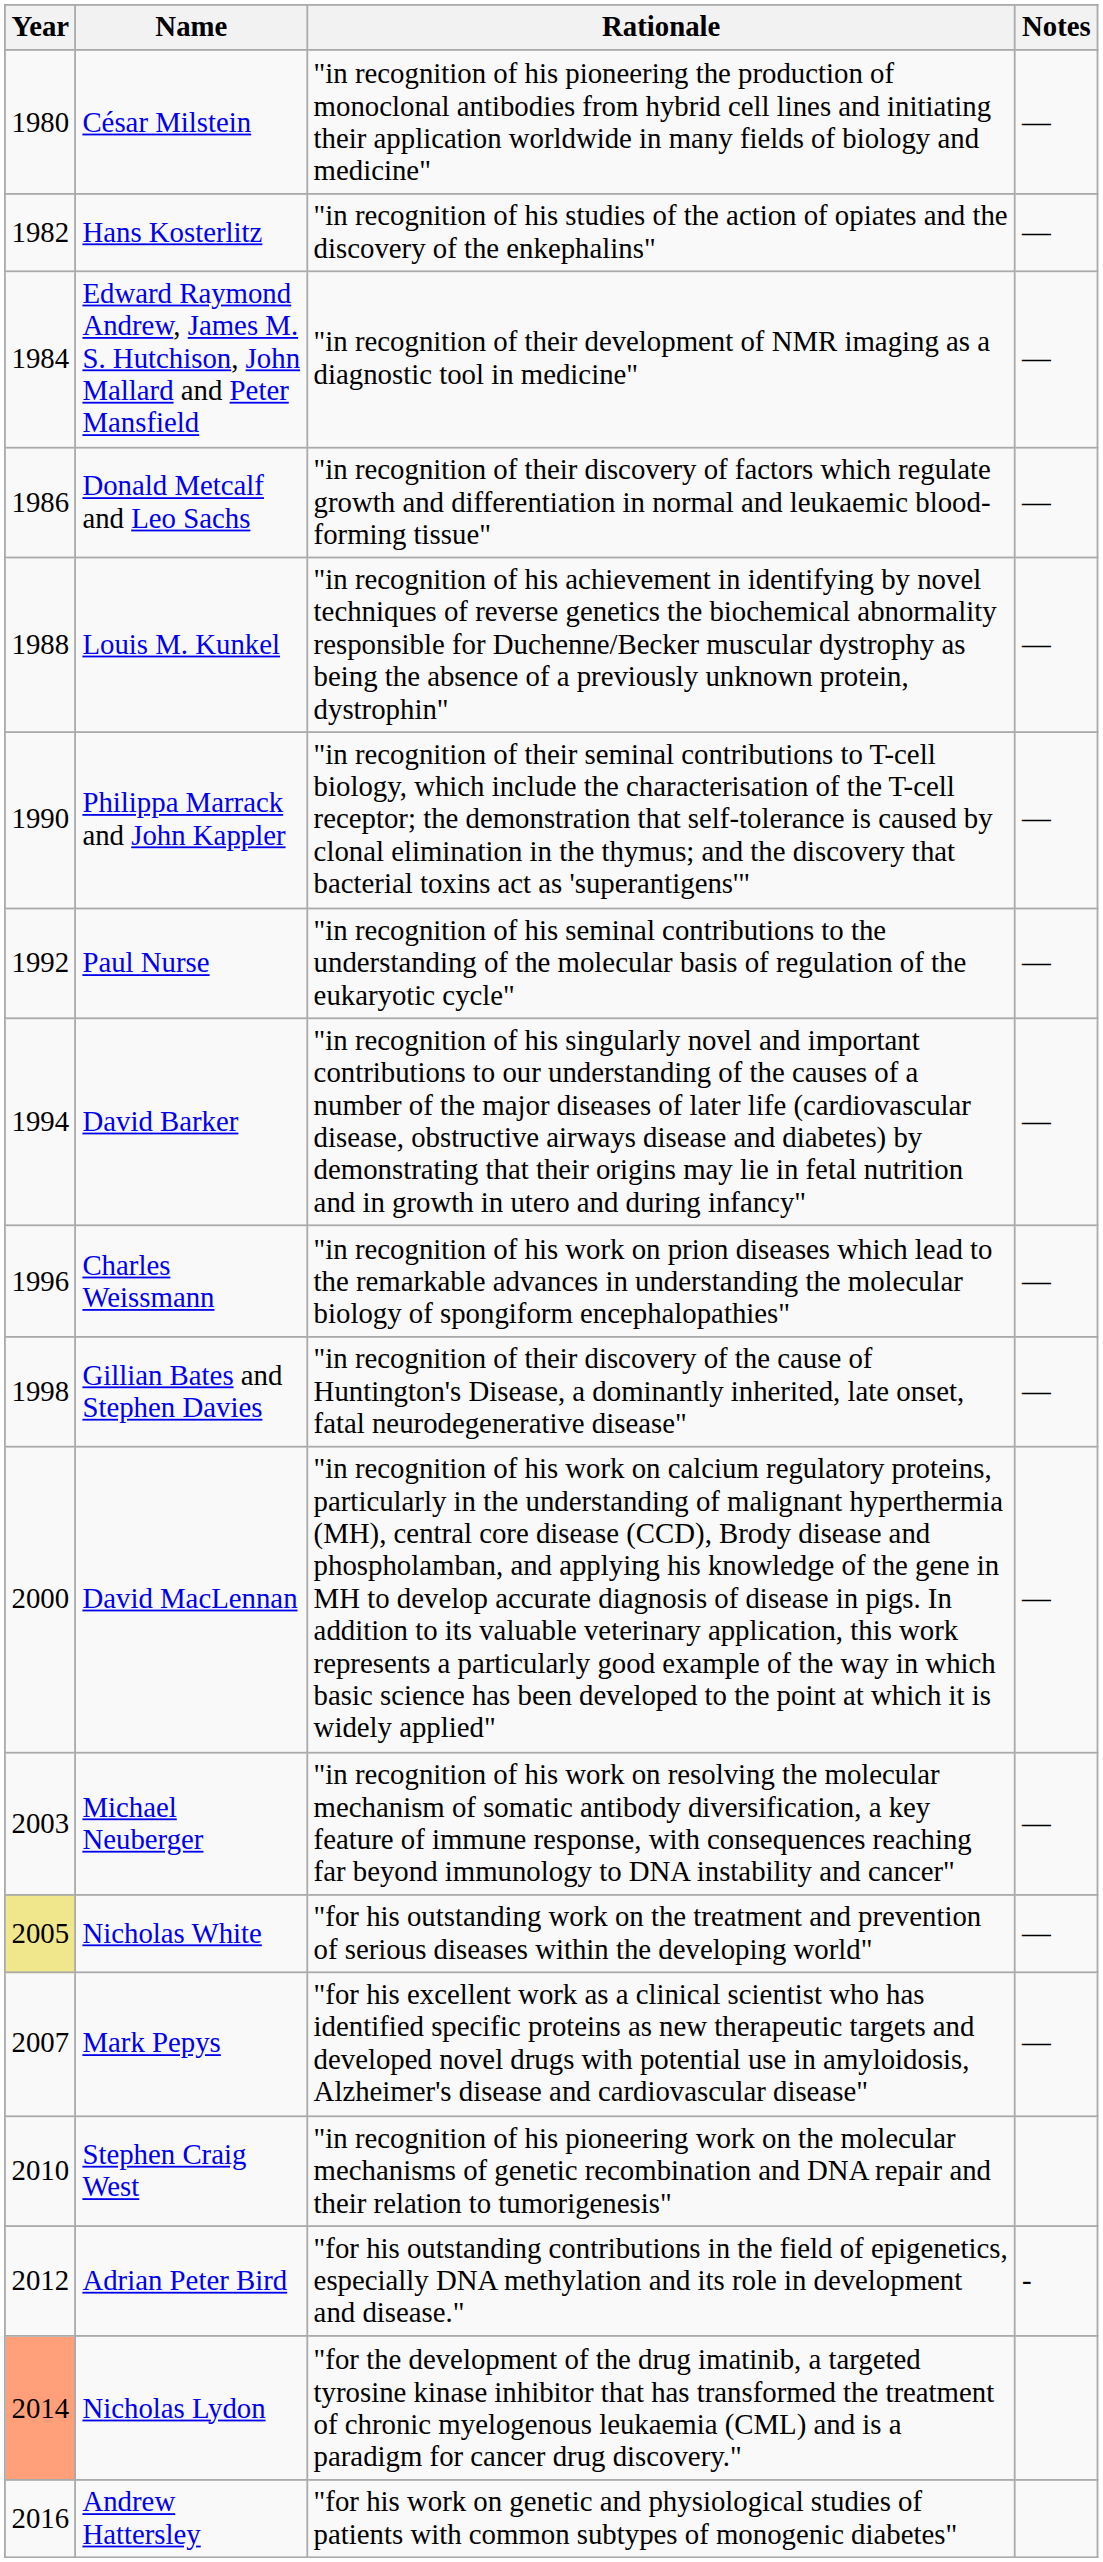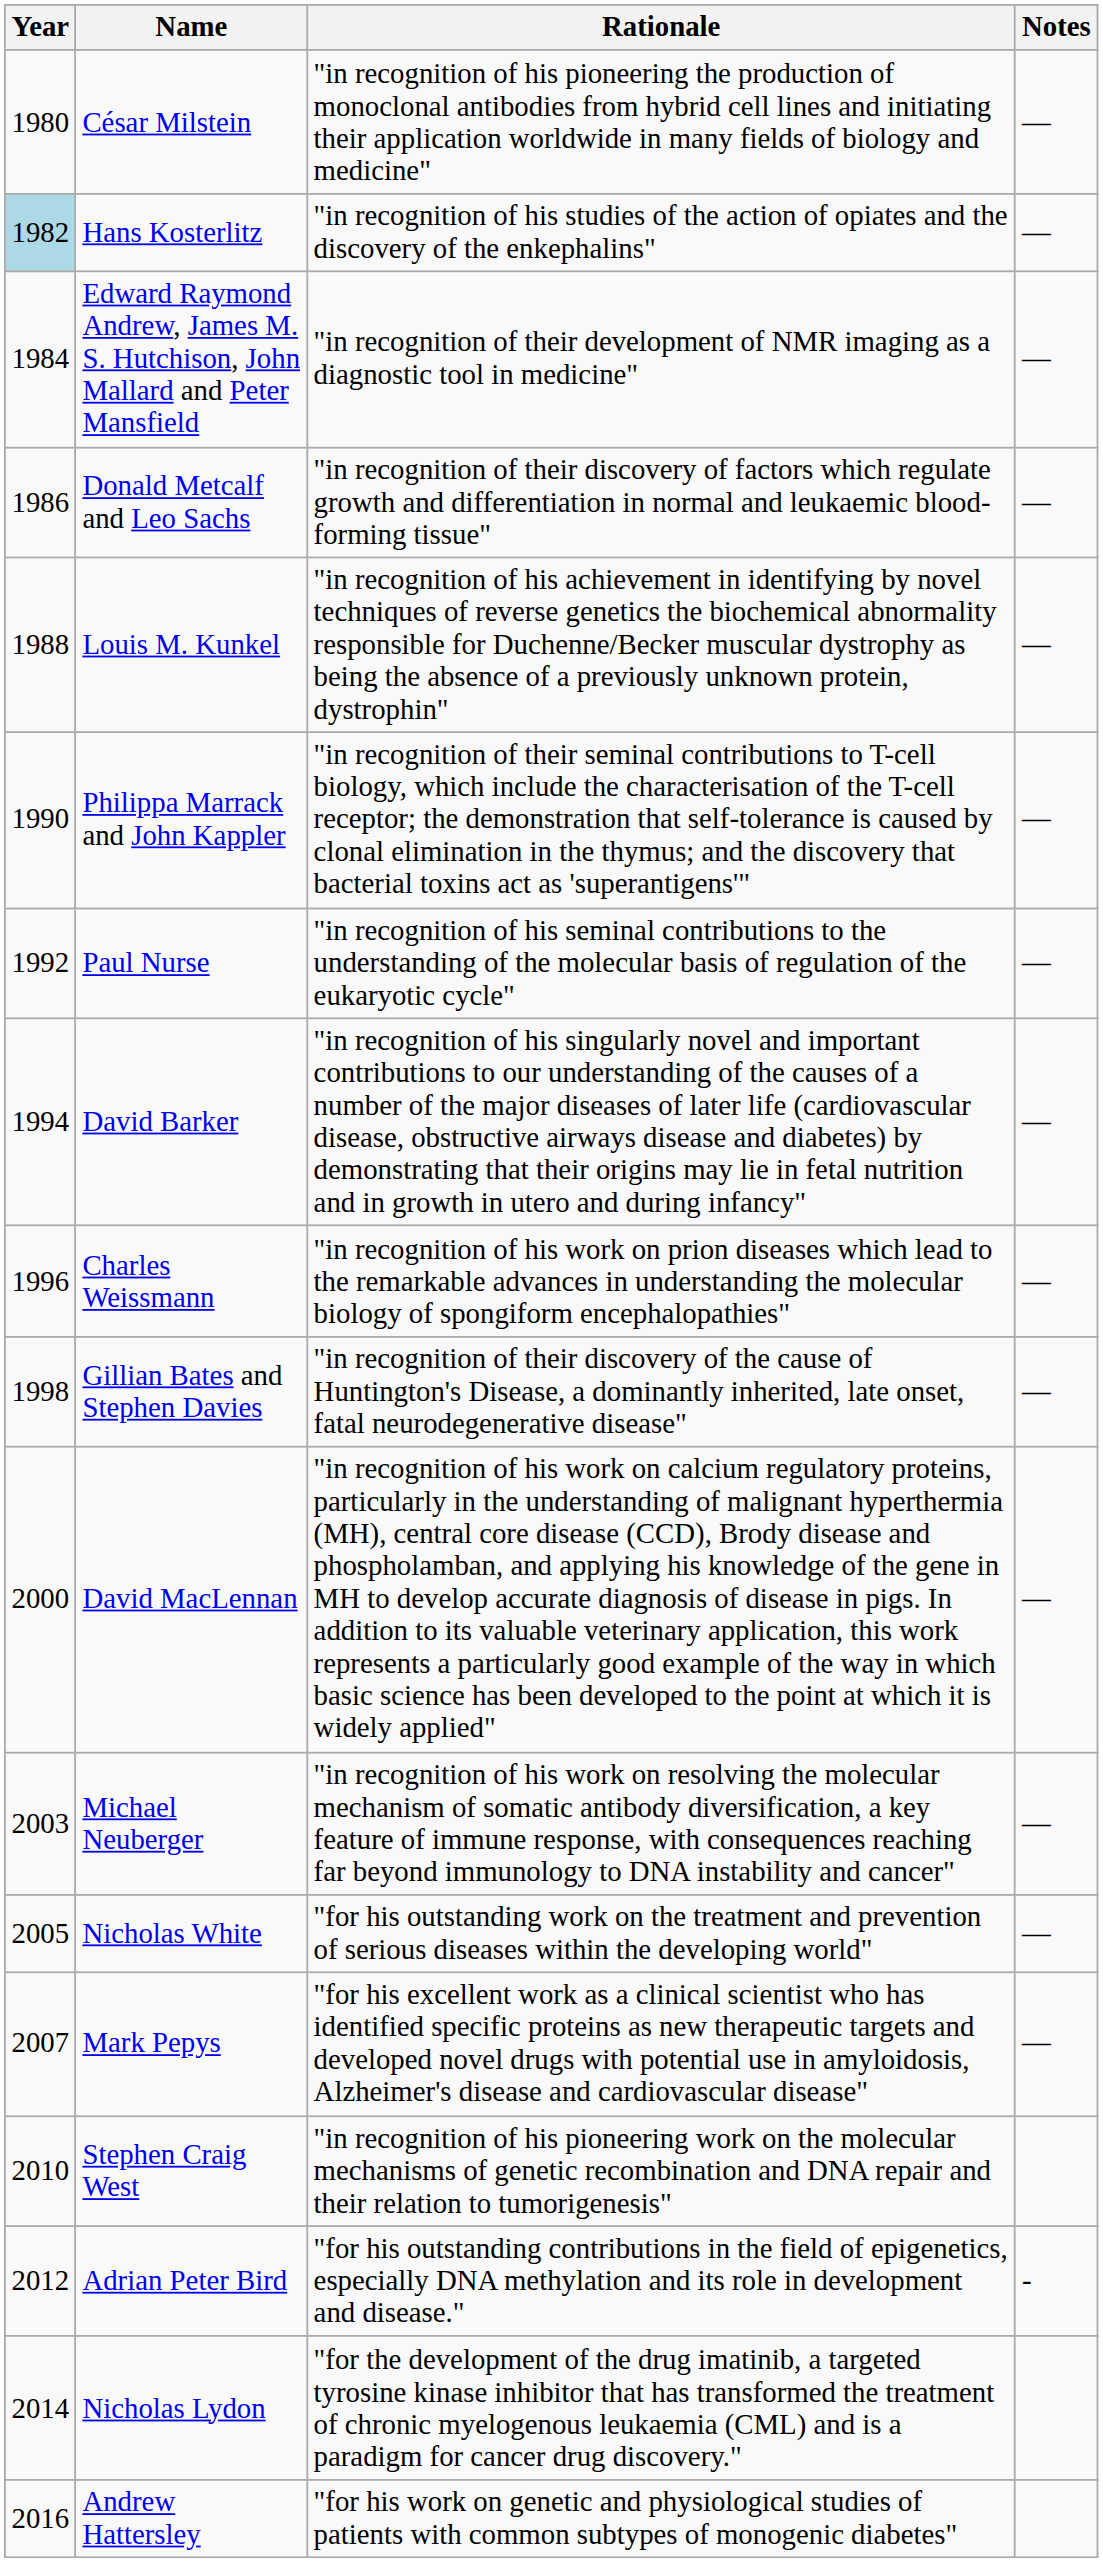 <table class="wikitable sortable" border="1" style="align:left;">
 <tr>
 <th width="4">Year</th>
 <th width="190"class="unsortable">Name</th>
 <th width="800" class="unsortable">Rationale</th>
 <th width="1" class="unsortable">Notes</th>
 </tr>
 <tr>
 <td>1980</td>
 <td><a href='#'>César Milstein</a></td>
 <td>"in recognition of his pioneering the production of monoclonal antibodies from hybrid cell lines and initiating their application worldwide in many fields of biology and medicine"</td>
 <td>—</td>
 </tr>
 <tr>
-<td>1982</td>
+<td style="background: lightblue;">1982</td>
 <td><a href='#'>Hans Kosterlitz</a></td>
 <td>"in recognition of his studies of the action of opiates and the discovery of the enkephalins"</td>
 <td>—</td>
 </tr>
 <tr>
 <td>1984</td>
 <td><a href='#'>Edward Raymond Andrew</a>, <a href='#'>James M. S. Hutchison</a>, <a href='#'>John Mallard</a> and <a href='#'>Peter Mansfield</a></td>
 <td>"in recognition of their development of NMR imaging as a diagnostic tool in medicine"</td>
 <td>—</td>
 </tr>
 <tr>
 <td>1986</td>
 <td><a href='#'>Donald Metcalf</a> and <a href='#'>Leo Sachs</a></td>
 <td>"in recognition of their discovery of factors which regulate growth and differentiation in normal and leukaemic blood-forming tissue"</td>
 <td>—</td>
 </tr>
 <tr>
 <td>1988</td>
 <td><a href='#'>Louis M. Kunkel</a></td>
 <td>"in recognition of his achievement in identifying by novel techniques of reverse genetics the biochemical abnormality responsible for Duchenne/Becker muscular dystrophy as being the absence of a previously unknown protein, dystrophin"</td>
 <td>—</td>
 </tr>
 <tr>
 <td>1990</td>
 <td><a href='#'>Philippa Marrack</a> and <a href='#'>John Kappler</a></td>
 <td>"in recognition of their seminal contributions to T-cell biology, which include the characterisation of the T-cell receptor; the demonstration that self-tolerance is caused by clonal elimination in the thymus; and the discovery that bacterial toxins act as 'superantigens'"</td>
 <td>—</td>
 </tr>
 <tr>
 <td>1992</td>
 <td><a href='#'>Paul Nurse</a></td>
 <td>"in recognition of his seminal contributions to the understanding of the molecular basis of regulation of the eukaryotic cycle"</td>
 <td>—</td>
 </tr>
 <tr>
 <td>1994</td>
 <td><a href='#'>David Barker</a></td>
 <td>"in recognition of his singularly novel and important contributions to our understanding of the causes of a number of the major diseases of later life (cardiovascular disease, obstructive airways disease and diabetes) by demonstrating that their origins may lie in fetal nutrition and in growth in utero and during infancy"</td>
 <td>—</td>
 </tr>
 <tr>
 <td>1996</td>
 <td><a href='#'>Charles Weissmann</a></td>
 <td>"in recognition of his work on prion diseases which lead to the remarkable advances in understanding the molecular biology of spongiform encephalopathies"</td>
 <td>—</td>
 </tr>
 <tr>
 <td>1998</td>
 <td><a href='#'>Gillian Bates</a> and <a href='#'>Stephen Davies</a></td>
 <td>"in recognition of their discovery of the cause of Huntington's Disease, a dominantly inherited, late onset, fatal neurodegenerative disease"</td>
 <td>—</td>
 </tr>
 <tr>
 <td>2000</td>
 <td><a href='#'>David MacLennan</a></td>
 <td>"in recognition of his work on calcium regulatory proteins, particularly in the understanding of malignant hyperthermia (MH), central core disease (CCD), Brody disease and phospholamban, and applying his knowledge of the gene in MH to develop accurate diagnosis of disease in pigs. In addition to its valuable veterinary application, this work represents a particularly good example of the way in which basic science has been developed to the point at which it is widely applied"</td>
 <td>—</td>
 </tr>
 <tr>
 <td>2003</td>
 <td><a href='#'>Michael Neuberger</a></td>
 <td>"in recognition of his work on resolving the molecular mechanism of somatic antibody diversification, a key feature of immune response, with consequences reaching far beyond immunology to DNA instability and cancer"</td>
 <td>—</td>
 </tr>
 <tr>
-<td style="background: khaki;">2005</td>
+<td>2005</td>
 <td><a href='#'>Nicholas White</a></td>
 <td>"for his outstanding work on the treatment and prevention of serious diseases within the developing world"</td>
 <td>—</td>
 </tr>
 <tr>
 <td>2007</td>
 <td><a href='#'>Mark Pepys</a></td>
 <td>"for his excellent work as a clinical scientist who has identified specific proteins as new therapeutic targets and developed novel drugs with potential use in amyloidosis, Alzheimer's disease and cardiovascular disease"</td>
 <td>—</td>
 </tr>
 <tr>
 <td>2010</td>
 <td><a href='#'>Stephen Craig West</a></td>
 <td>"in recognition of his pioneering work on the molecular mechanisms of genetic recombination and DNA repair and their relation to tumorigenesis"</td>
 <td></td>
 </tr>
 <tr>
 <td>2012</td>
 <td><a href='#'>Adrian Peter Bird</a></td>
 <td>"for his outstanding contributions in the field of epigenetics, especially DNA methylation and its role in development and disease."</td>
 <td>-</td>
 </tr>
 <tr>
-<td style="background: lightsalmon;">2014</td>
+<td>2014</td>
 <td><a href='#'>Nicholas Lydon</a></td>
 <td>"for the development of the drug imatinib, a targeted tyrosine kinase inhibitor that has transformed the treatment of chronic myelogenous leukaemia (CML) and is a paradigm for cancer drug discovery."</td>
 <td></td>
 </tr>
 <tr>
 <td>2016</td>
 <td><a href='#'>Andrew Hattersley</a></td>
 <td>"for his work on genetic and physiological studies of patients with common subtypes of monogenic diabetes"</td>
 </tr>
 </table>
